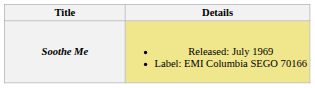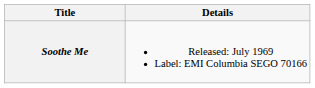 <table class="wikitable plainrowheaders" style="text-align:center;" border="1">
 <tr>
 <th scope="col" style="width:11em;">Title</th>
 <th scope="col" style="width:17em;">Details</th>
 </tr>
 <tr>
 <th scope="row"><em>Soothe Me</em></th>
-<td style="background: khaki;"><br><ul><li>Released: July 1969</li><li>Label: EMI Columbia SEGO 70166</li></ul></td>
+<td><br><ul><li>Released: July 1969</li><li>Label: EMI Columbia SEGO 70166</li></ul></td>
 </tr>
 </table>
